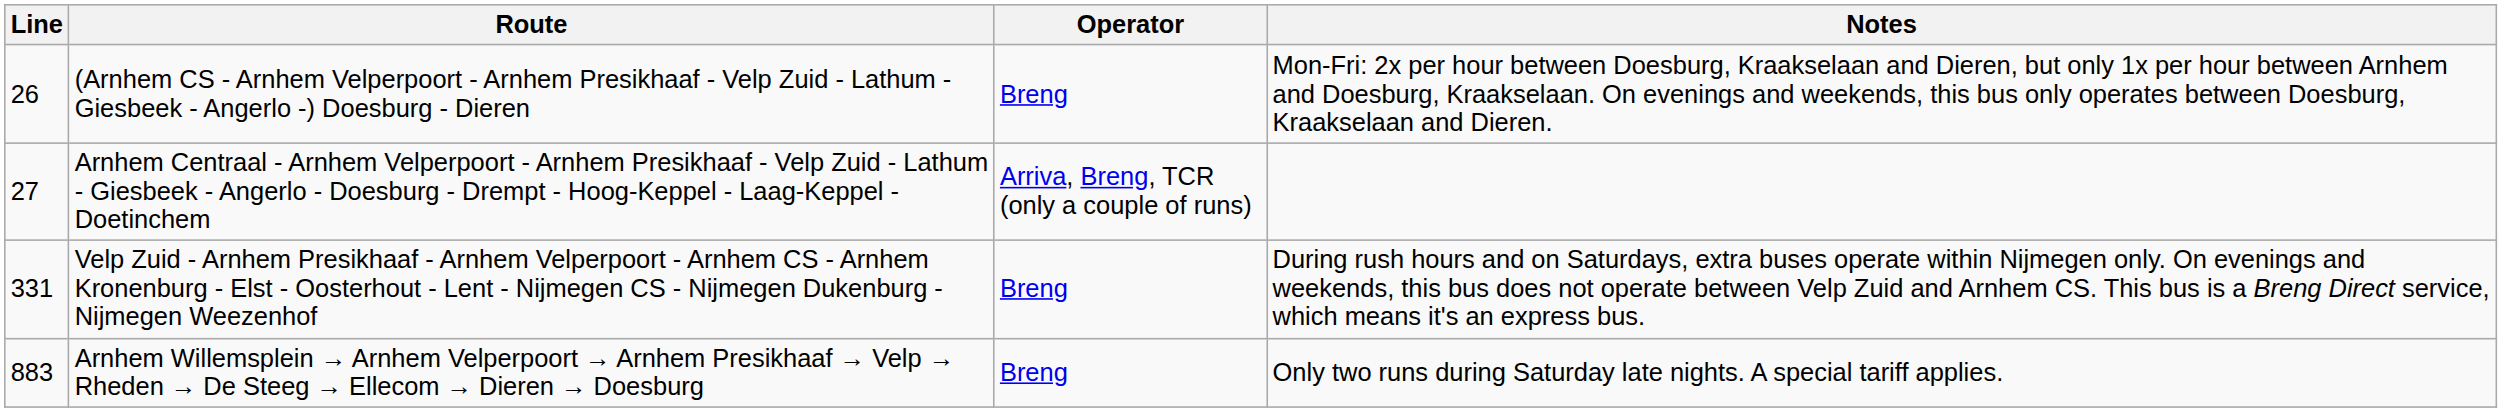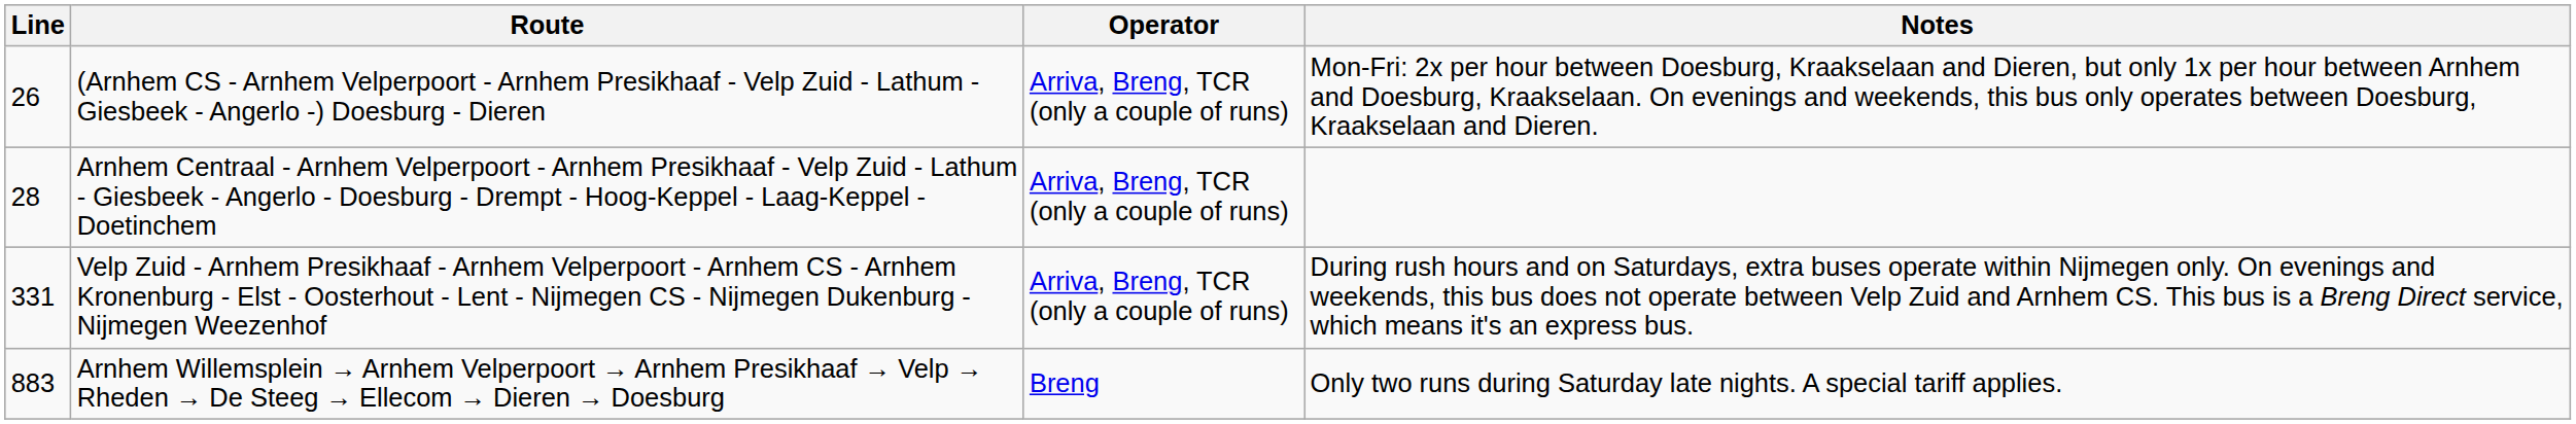 <table class="wikitable">
 <tr>
 <th>Line</th>
 <th>Route</th>
 <th>Operator</th>
 <th>Notes</th>
 </tr>
 <tr>
 <td>26</td>
 <td>(Arnhem CS - Arnhem Velperpoort - Arnhem Presikhaaf - Velp Zuid - Lathum - Giesbeek - Angerlo -) Doesburg - Dieren</td>
-<td><a href='#'>Breng</a></td>
+<td><a href='#'>Arriva</a>, <a href='#'>Breng</a>, TCR (only a couple of runs)</td>
 <td>Mon-Fri: 2x per hour between Doesburg, Kraakselaan and Dieren, but only 1x per hour between Arnhem and Doesburg, Kraakselaan. On evenings and weekends, this bus only operates between Doesburg, Kraakselaan and Dieren.</td>
 </tr>
 <tr>
-<td>27</td>
+<td>28</td>
 <td>Arnhem Centraal - Arnhem Velperpoort - Arnhem Presikhaaf - Velp Zuid - Lathum - Giesbeek - Angerlo - Doesburg - Drempt - Hoog-Keppel - Laag-Keppel - Doetinchem</td>
 <td><a href='#'>Arriva</a>, <a href='#'>Breng</a>, TCR (only a couple of runs)</td>
 <td></td>
 </tr>
 <tr>
 <td>331</td>
 <td>Velp Zuid - Arnhem Presikhaaf - Arnhem Velperpoort - Arnhem CS - Arnhem Kronenburg - Elst - Oosterhout - Lent - Nijmegen CS - Nijmegen Dukenburg - Nijmegen Weezenhof</td>
-<td><a href='#'>Breng</a></td>
+<td><a href='#'>Arriva</a>, <a href='#'>Breng</a>, TCR (only a couple of runs)</td>
 <td>During rush hours and on Saturdays, extra buses operate within Nijmegen only. On evenings and weekends, this bus does not operate between Velp Zuid and Arnhem CS. This bus is a <em>Breng Direct</em> service, which means it's an express bus.</td>
 </tr>
 <tr>
 <td>883</td>
 <td>Arnhem Willemsplein → Arnhem Velperpoort → Arnhem Presikhaaf → Velp → Rheden → De Steeg → Ellecom → Dieren → Doesburg</td>
 <td><a href='#'>Breng</a></td>
 <td>Only two runs during Saturday late nights. A special tariff applies.</td>
 </tr>
 </table>
